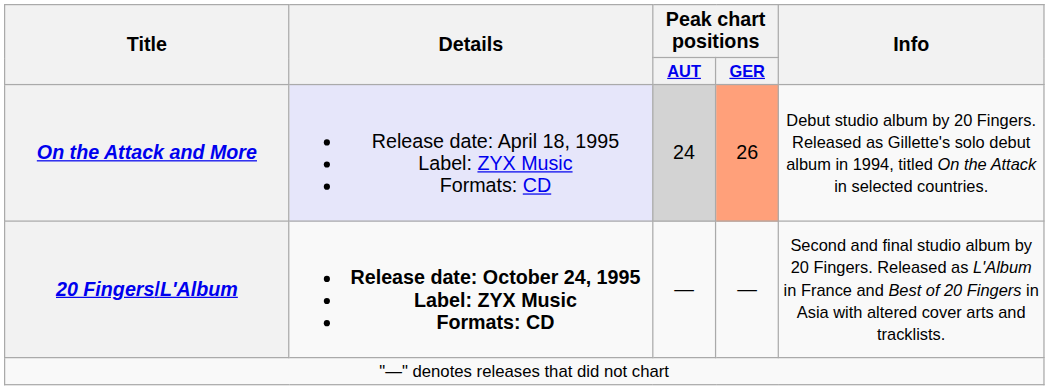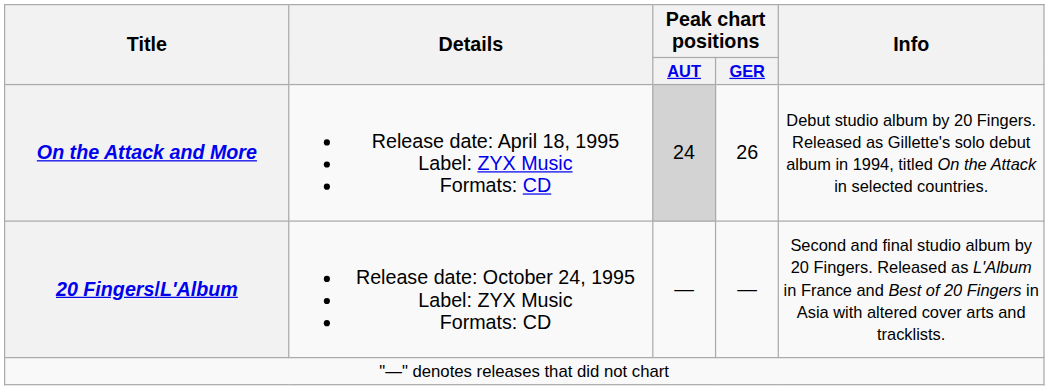 <table class="wikitable plainrowheaders" style="text-align:center;">
 <tr>
 <th rowspan="2" style="width:14em;">Title</th>
 <th rowspan="2" style="width:18em;">Details</th>
 <th colspan="2">Peak chart positions</th>
 <th scope="col" rowspan="2" style="width:13em;">Info</th>
 </tr>
 <tr style="font-size:smaller;">
 <th style="width:45px;"><a href='#'>AUT</a><br></th>
 <th style="width:45px;"><a href='#'>GER</a><br></th>
 </tr>
 <tr>
 <th scope="row"><em><a href='#'>On the Attack and More</a></em></th>
-<td style="background: lavender;"><br><ul><li>Release date: April 18, 1995</li><li>Label: <a href='#'>ZYX Music</a></li><li>Formats: <a href='#'>CD</a></li></ul></td>
+<td><br><ul><li>Release date: April 18, 1995</li><li>Label: <a href='#'>ZYX Music</a></li><li>Formats: <a href='#'>CD</a></li></ul></td>
 <td style="background: lightgrey;">24</td>
-<td style="background: lightsalmon;">26</td>
+<td>26</td>
 <td><small>Debut studio album by 20 Fingers. Released as Gillette's solo debut album in 1994, titled <em>On the Attack</em> in selected countries.</small></td>
 </tr>
 <tr>
 <th scope="row"><em><a href='#'>20 Fingers</em>/<em>L'Album</a></em></th>
-<td><strong><br><ul><li>Release date: October 24, 1995</li><li>Label: ZYX Music</li><li>Formats: CD</li></ul></strong></td>
+<td><br><ul><li>Release date: October 24, 1995</li><li>Label: ZYX Music</li><li>Formats: CD</li></ul></td>
 <td>—</td>
 <td>—</td>
 <td><small>Second and final studio album by 20 Fingers. Released as <em>L'Album</em> in France and <em>Best of 20 Fingers</em> in Asia with altered cover arts and tracklists.</small></td>
 </tr>
 <tr>
 <td colspan="15" style="font-size:85%">"—" denotes releases that did not chart</td>
 </tr>
 </table>
